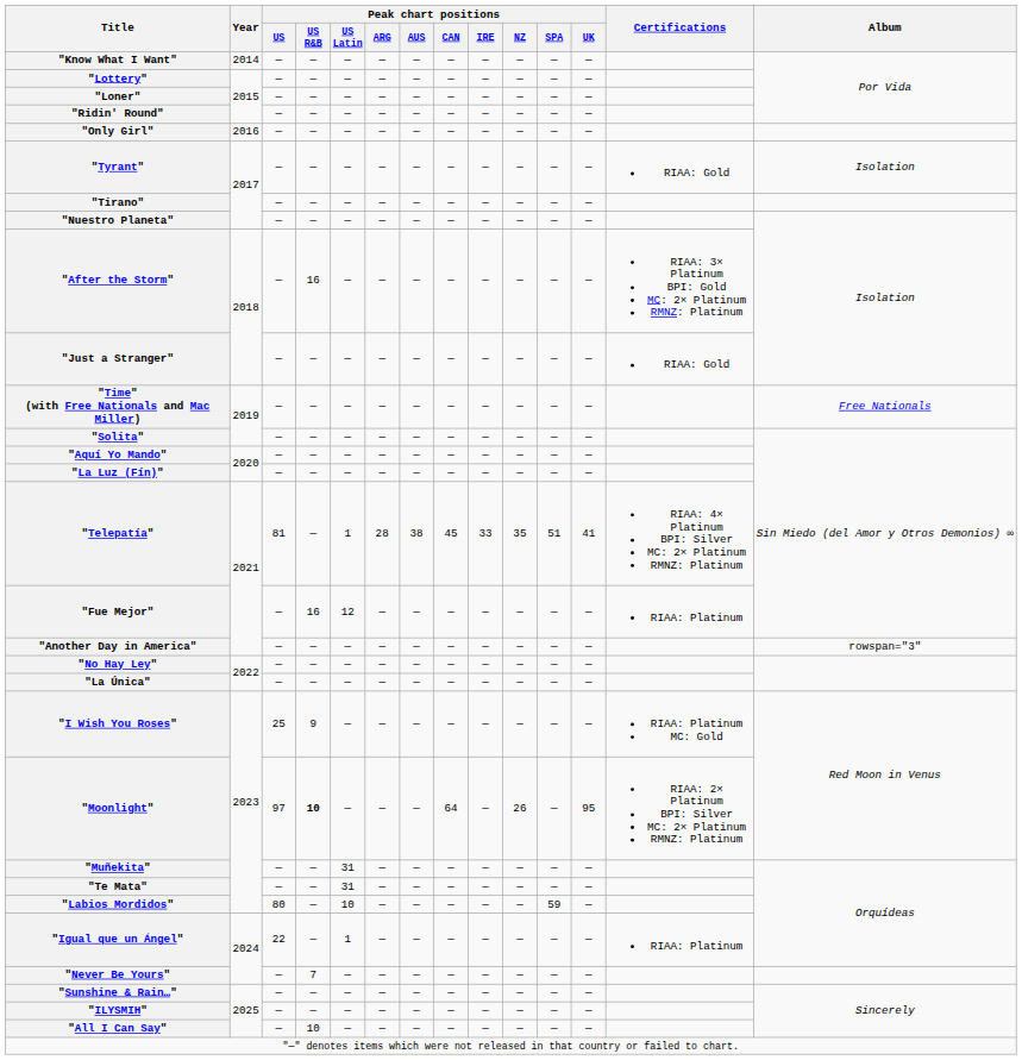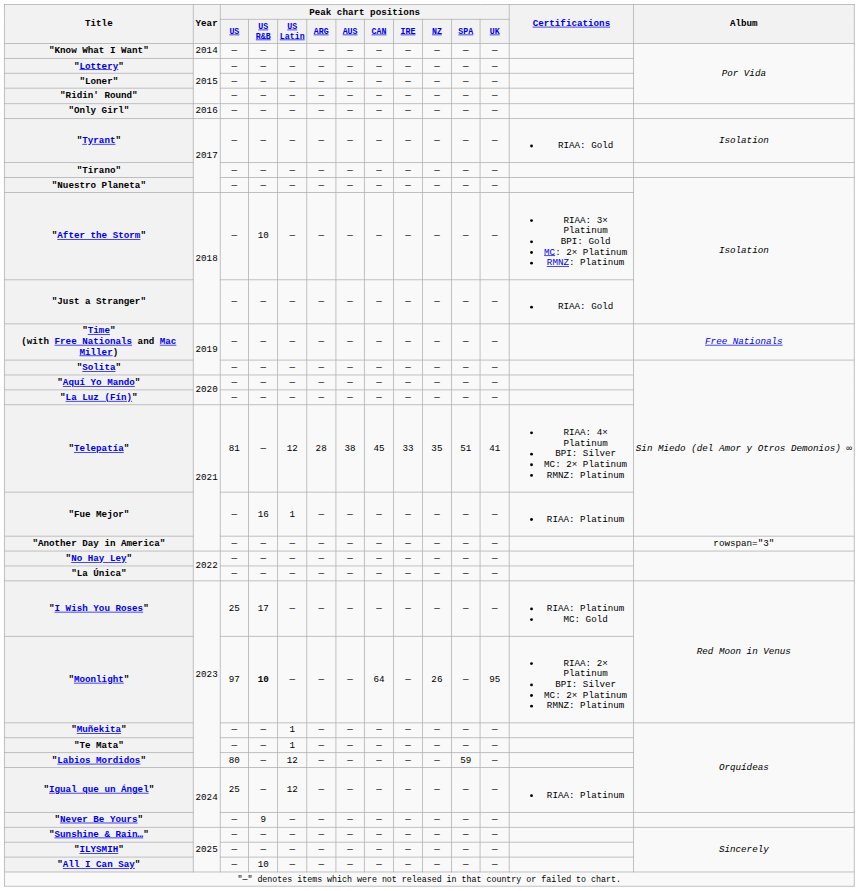 <table class="wikitable plainrowheaders" style="text-align:center;">
 <tr>
 <th scope="col" rowspan="2" style="width:20em;">Title</th>
 <th scope="col" rowspan="2" style="width:1em;">Year</th>
 <th scope="col" colspan="10">Peak chart positions</th>
 <th scope="col" rowspan="2" style="width:13em;"><a href='#'>Certifications</a></th>
 <th scope="col" rowspan="2">Album</th>
 </tr>
 <tr>
 <th scope="col" style="width:3em;font-size:90%;"><a href='#'>US</a><br></th>
 <th scope="col" style="width:3em;font-size:90%;"><a href='#'>US<br>R&B</a><br></th>
 <th scope="col" style="width:3em;font-size:90%;"><a href='#'>US<br>Latin</a><br></th>
 <th scope="col" style="width:3em;font-size:90%;"><a href='#'>ARG</a><br></th>
 <th scope="col" style="width:3em;font-size:90%;"><a href='#'>AUS</a><br></th>
 <th scope="col" style="width:3em;font-size:90%;"><a href='#'>CAN</a><br></th>
 <th scope="col" style="width:3em;font-size:90%;"><a href='#'>IRE</a><br></th>
 <th scope="col" style="width:3em;font-size:90%;"><a href='#'>NZ</a><br></th>
 <th scope="col" style="width:3em;font-size:90%;"><a href='#'>SPA</a><br></th>
 <th scope="col" style="width:3em;font-size:90%;"><a href='#'>UK</a><br></th>
 </tr>
 <tr>
 <th scope="row">"Know What I Want"</th>
 <td>2014</td>
 <td>—</td>
 <td>—</td>
 <td>—</td>
 <td>—</td>
 <td>—</td>
 <td>—</td>
 <td>—</td>
 <td>—</td>
 <td>—</td>
 <td>—</td>
 <td></td>
 <td rowspan="4"><em>Por Vida</em></td>
 </tr>
 <tr>
 <th scope="row">"<a href='#'>Lottery</a>"</th>
 <td rowspan="3">2015</td>
 <td>—</td>
 <td>—</td>
 <td>—</td>
 <td>—</td>
 <td>—</td>
 <td>—</td>
 <td>—</td>
 <td>—</td>
 <td>—</td>
 <td>—</td>
 <td></td>
 </tr>
 <tr>
 <th scope="row">"Loner"</th>
 <td>—</td>
 <td>—</td>
 <td>—</td>
 <td>—</td>
 <td>—</td>
 <td>—</td>
 <td>—</td>
 <td>—</td>
 <td>—</td>
 <td>—</td>
 <td></td>
 </tr>
 <tr>
 <th scope="row">"Ridin' Round"</th>
 <td>—</td>
 <td>—</td>
 <td>—</td>
 <td>—</td>
 <td>—</td>
 <td>—</td>
 <td>—</td>
 <td>—</td>
 <td>—</td>
 <td>—</td>
 <td></td>
 </tr>
 <tr>
 <th scope="row">"Only Girl"<br></th>
 <td>2016</td>
 <td>—</td>
 <td>—</td>
 <td>—</td>
 <td>—</td>
 <td>—</td>
 <td>—</td>
 <td>—</td>
 <td>—</td>
 <td>—</td>
 <td>—</td>
 <td></td>
 <td></td>
 </tr>
 <tr>
 <th scope="row">"<a href='#'>Tyrant</a>"<br></th>
 <td rowspan="3">2017</td>
 <td>—</td>
 <td>—</td>
 <td>—</td>
 <td>—</td>
 <td>—</td>
 <td>—</td>
 <td>—</td>
 <td>—</td>
 <td>—</td>
 <td>—</td>
 <td><br><ul><li>RIAA: Gold</li></ul></td>
 <td><em>Isolation</em></td>
 </tr>
 <tr>
 <th scope="row">"Tirano"<br></th>
 <td>—</td>
 <td>—</td>
 <td>—</td>
 <td>—</td>
 <td>—</td>
 <td>—</td>
 <td>—</td>
 <td>—</td>
 <td>—</td>
 <td>—</td>
 <td></td>
 <td></td>
 </tr>
 <tr>
 <th scope="row">"Nuestro Planeta"<br></th>
 <td>—</td>
 <td>—</td>
 <td>—</td>
 <td>—</td>
 <td>—</td>
 <td>—</td>
 <td>—</td>
 <td>—</td>
 <td>—</td>
 <td>—</td>
 <td></td>
 <td rowspan="3"><em>Isolation</em></td>
 </tr>
 <tr>
 <th scope="row">"<a href='#'>After the Storm</a>"<br></th>
 <td rowspan ="2">2018</td>
 <td>—</td>
-<td>16</td>
+<td>10</td>
 <td>—</td>
 <td>—</td>
 <td>—</td>
 <td>—</td>
 <td>—</td>
 <td>—</td>
 <td>—</td>
 <td>—</td>
 <td><br><ul><li>RIAA: 3× Platinum</li><li>BPI: Gold</li><li><a href='#'>MC</a>: 2× Platinum</li><li><a href='#'>RMNZ</a>: Platinum</li></ul></td>
 </tr>
 <tr>
 <th scope="row">"Just a Stranger"<br></th>
 <td>—</td>
 <td>—</td>
 <td>—</td>
 <td>—</td>
 <td>—</td>
 <td>—</td>
 <td>—</td>
 <td>—</td>
 <td>—</td>
 <td>—</td>
 <td><br><ul><li>RIAA: Gold</li></ul></td>
 </tr>
 <tr>
 <th scope="row">"<a href='#'>Time</a>"<br><span>(with <a href='#'>Free Nationals</a> and <a href='#'>Mac Miller</a>)</span></th>
 <td rowspan ="2">2019</td>
 <td>—</td>
 <td>—</td>
 <td>—</td>
 <td>—</td>
 <td>—</td>
 <td>—</td>
 <td>—</td>
 <td>—</td>
 <td>—</td>
 <td>—</td>
 <td></td>
 <td><em><a href='#'>Free Nationals</a></em></td>
 </tr>
 <tr>
 <th scope="row">"<a href='#'>Solita</a>"</th>
 <td>—</td>
 <td>—</td>
 <td>—</td>
 <td>—</td>
 <td>—</td>
 <td>—</td>
 <td>—</td>
 <td>—</td>
 <td>—</td>
 <td>—</td>
 <td></td>
 <td rowspan="5"><em>Sin Miedo (del Amor y Otros Demonios) ∞</em></td>
 </tr>
 <tr>
 <th scope="row">"<a href='#'>Aquí Yo Mando</a>"<br></th>
 <td rowspan="2">2020</td>
 <td>—</td>
 <td>—</td>
 <td>—</td>
 <td>—</td>
 <td>—</td>
 <td>—</td>
 <td>—</td>
 <td>—</td>
 <td>—</td>
 <td>—</td>
 <td></td>
 </tr>
 <tr>
 <th scope="row">"<a href='#'>La Luz (Fín)</a>"<br></th>
 <td>—</td>
 <td>—</td>
 <td>—</td>
 <td>—</td>
 <td>—</td>
 <td>—</td>
 <td>—</td>
 <td>—</td>
 <td>—</td>
 <td>—</td>
 <td></td>
 </tr>
 <tr>
 <th scope="row">"<a href='#'>Telepatía</a>"</th>
 <td rowspan="3">2021</td>
 <td>81</td>
 <td>—</td>
-<td>1</td>
+<td>12</td>
 <td>28</td>
 <td>38</td>
 <td>45</td>
 <td>33</td>
 <td>35</td>
 <td>51</td>
 <td>41</td>
 <td><br><ul><li>RIAA: 4× Platinum</li><li>BPI: Silver</li><li>MC: 2× Platinum</li><li>RMNZ: Platinum</li></ul></td>
 </tr>
 <tr>
 <th scope="row">"Fue Mejor"<br></th>
 <td>—</td>
 <td>16</td>
-<td>12</td>
+<td>1</td>
 <td>—</td>
 <td>—</td>
 <td>—</td>
 <td>—</td>
 <td>—</td>
 <td>—</td>
 <td>—</td>
 <td><br><ul><li>RIAA: Platinum</li></ul></td>
 </tr>
 <tr>
 <th scope="row">"Another Day in America"<br></th>
 <td>—</td>
 <td>—</td>
 <td>—</td>
 <td>—</td>
 <td>—</td>
 <td>—</td>
 <td>—</td>
 <td>—</td>
 <td>—</td>
 <td>—</td>
 <td></td>
 <td>rowspan="3" </td>
 </tr>
 <tr>
 <th scope="row">"<a href='#'>No Hay Ley</a>"</th>
 <td rowspan="2">2022</td>
 <td>—</td>
 <td>—</td>
 <td>—</td>
 <td>—</td>
 <td>—</td>
 <td>—</td>
 <td>—</td>
 <td>—</td>
 <td>—</td>
 <td>—</td>
 <td></td>
 </tr>
 <tr>
 <th scope="row">"La Única"</th>
 <td>—</td>
 <td>—</td>
 <td>—</td>
 <td>—</td>
 <td>—</td>
 <td>—</td>
 <td>—</td>
 <td>—</td>
 <td>—</td>
 <td>—</td>
 <td></td>
 </tr>
 <tr>
 <th scope="row">"<a href='#'>I Wish You Roses</a>"</th>
 <td rowspan="5">2023</td>
 <td>25</td>
-<td>9</td>
+<td>17</td>
 <td>—</td>
 <td>—</td>
 <td>—</td>
 <td>—</td>
 <td>—</td>
 <td>—</td>
 <td>—</td>
 <td>—</td>
 <td><br><ul><li>RIAA: Platinum</li><li>MC: Gold</li></ul></td>
 <td rowspan="2"><em>Red Moon in Venus</em></td>
 </tr>
 <tr>
 <th scope="row">"<a href='#'>Moonlight</a>"</th>
 <td>97</td>
 <td><strong>10</strong></td>
 <td>—</td>
 <td>—</td>
 <td>—</td>
 <td>64</td>
 <td>—</td>
 <td>26</td>
 <td>—</td>
 <td>95</td>
 <td><br><ul><li>RIAA: 2× Platinum</li><li>BPI: Silver</li><li>MC: 2× Platinum</li><li>RMNZ: Platinum</li></ul></td>
 </tr>
 <tr>
 <th scope="row">"<a href='#'>Muñekita</a>"<br></th>
 <td>—</td>
 <td>—</td>
-<td>31</td>
+<td>1</td>
 <td>—</td>
 <td>—</td>
 <td>—</td>
 <td>—</td>
 <td>—</td>
 <td>—</td>
 <td>—</td>
 <td></td>
 <td rowspan="4"><em>Orquídeas</em></td>
 </tr>
 <tr>
 <th scope="row">"Te Mata"</th>
 <td>—</td>
 <td>—</td>
-<td>31</td>
+<td>1</td>
 <td>—</td>
 <td>—</td>
 <td>—</td>
 <td>—</td>
 <td>—</td>
 <td>—</td>
 <td>—</td>
 <td></td>
 </tr>
 <tr>
 <th scope="row">"<a href='#'>Labios Mordidos</a>"<br></th>
 <td>80</td>
 <td>—</td>
-<td>10</td>
+<td>12</td>
 <td>—</td>
 <td>—</td>
 <td>—</td>
 <td>—</td>
 <td>—</td>
 <td>59</td>
 <td>—</td>
 <td></td>
 </tr>
 <tr>
 <th scope="row">"<a href='#'>Igual que un Ángel</a>"<br></th>
 <td rowspan="2">2024</td>
-<td>22</td>
+<td>25</td>
 <td>—</td>
-<td>1</td>
+<td>12</td>
 <td>—</td>
 <td>—</td>
 <td>—</td>
 <td>—</td>
 <td>—</td>
 <td>—</td>
 <td>—</td>
 <td><br><ul><li>RIAA: Platinum</li></ul></td>
 </tr>
 <tr>
 <th scope="row">"<a href='#'>Never Be Yours</a>"</th>
 <td>—</td>
-<td>7</td>
+<td>9</td>
 <td>—</td>
 <td>—</td>
 <td>—</td>
 <td>—</td>
 <td>—</td>
 <td>—</td>
 <td>—</td>
 <td>—</td>
 <td></td>
 <td></td>
 </tr>
 <tr>
 <th scope="row">"<a href='#'>Sunshine & Rain…</a>"</th>
 <td rowspan="3">2025</td>
 <td>—</td>
 <td>—</td>
 <td>—</td>
 <td>—</td>
 <td>—</td>
 <td>—</td>
 <td>—</td>
 <td>—</td>
 <td>—</td>
 <td>—</td>
 <td></td>
 <td rowspan="3"><em>Sincerely</em></td>
 </tr>
 <tr>
 <th scope="row">"<a href='#'>ILYSMIH</a>"</th>
 <td>—</td>
 <td>—</td>
 <td>—</td>
 <td>—</td>
 <td>—</td>
 <td>—</td>
 <td>—</td>
 <td>—</td>
 <td>—</td>
 <td>—</td>
 <td></td>
 </tr>
 <tr>
 <th scope="row">"<a href='#'>All I Can Say</a>"</th>
 <td>—</td>
 <td>10</td>
 <td>—</td>
 <td>—</td>
 <td>—</td>
 <td>—</td>
 <td>—</td>
 <td>—</td>
 <td>—</td>
 <td>—</td>
 <td></td>
 </tr>
 <tr>
 <td colspan="14" style="font-size:90%;">"—" denotes items which were not released in that country or failed to chart.</td>
 </tr>
 </table>
